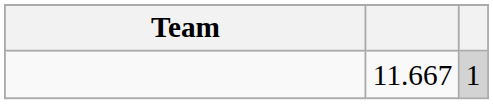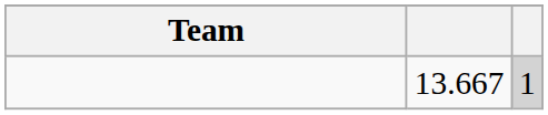 <table class="wikitable">
 <tr>
 </tr>
 <tr>
 <th width=190>Team</th>
 <th></th>
 <th></th>
 </tr>
 <tr>
 <td></td>
-<td align=right>11.667</td>
+<td align=right>13.667</td>
 <td align=center style="background: lightgrey;">1</td>
 </tr>
 </table>
